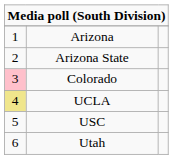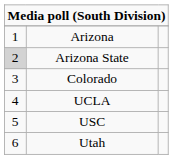 <table class="wikitable" style="display: inline-table;">
 <tr>
 <td align="center" Colspan="3"><strong>Media poll (South Division)</strong></td>
 </tr>
 <tr align="center">
 </tr>
 <tr align="center">
 <td>1</td>
 <td>Arizona</td>
 <td></td>
 </tr>
 <tr align="center">
-<td>2</td>
+<td style="background: lightgrey;">2</td>
 <td>Arizona State</td>
 <td></td>
 </tr>
 <tr align="center">
-<td style="background: pink;">3</td>
+<td>3</td>
 <td>Colorado</td>
 <td></td>
 </tr>
 <tr align="center">
-<td style="background: khaki;">4</td>
+<td>4</td>
 <td>UCLA</td>
 <td></td>
 </tr>
 <tr align="center">
 <td>5</td>
 <td>USC</td>
 <td></td>
 </tr>
 <tr align="center">
 <td>6</td>
 <td>Utah</td>
 <td></td>
 </tr>
 </table>
